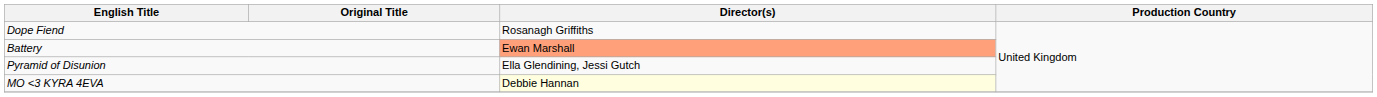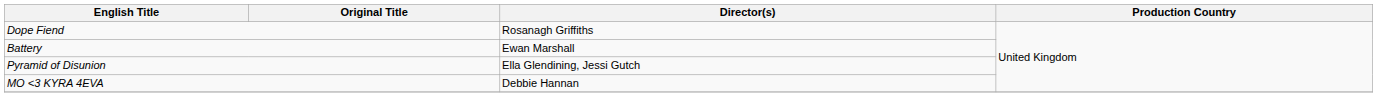 <table class="wikitable" style="width:100%; margin-bottom:4px">
 <tr>
 <th>English Title</th>
 <th>Original Title</th>
 <th>Director(s)</th>
 <th>Production Country</th>
 </tr>
 <tr>
 <td colspan="2"><em>Dope Fiend</em></td>
 <td>Rosanagh Griffiths</td>
 <td rowspan="4">United Kingdom</td>
 </tr>
 <tr>
 <td colspan="2"><em>Battery</em></td>
-<td style="background: lightsalmon;">Ewan Marshall</td>
+<td>Ewan Marshall</td>
 </tr>
 <tr>
 <td colspan="2"><em>Pyramid of Disunion</em></td>
 <td>Ella Glendining, Jessi Gutch</td>
 </tr>
 <tr>
 <td colspan="2"><em>MO <3 KYRA 4EVA</em></td>
-<td style="background: lightyellow;">Debbie Hannan</td>
+<td>Debbie Hannan</td>
 </tr>
 <tr>
 </tr>
 </table>
